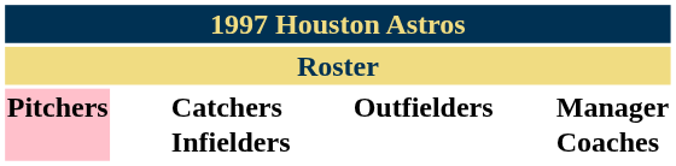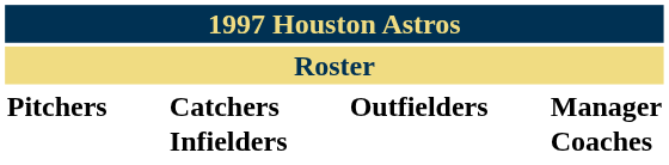 <table class="toccolours" style="font-size: 95%;">
 <tr>
 <th colspan="10" style="background:#003153; color:#F0DC82; text-align:center;">1997 Houston Astros</th>
 </tr>
 <tr>
 <td colspan="10" style="background:#F0DC82; color:#003153; text-align:center;"><strong>Roster</strong></td>
 </tr>
 <tr>
-<td valign="top" style="background: pink;"><strong>Pitchers</strong><br>                 </td>
+<td valign="top"><strong>Pitchers</strong><br>                 </td>
 <td width="25px"></td>
 <td valign="top"><strong>Catchers</strong><br>    <strong>Infielders</strong>         </td>
 <td width="25px"></td>
 <td valign="top"><strong>Outfielders</strong><br>         </td>
 <td width="25px"></td>
 <td valign="top"><strong>Manager</strong><br> <strong>Coaches</strong>      </td>
 </tr>
 </table>
